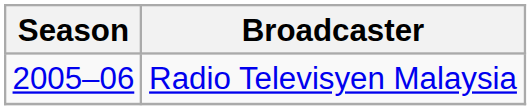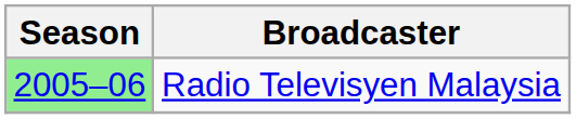 <table class="wikitable" style="font-size: 85%;">
 <tr>
 <th>Season</th>
 <th>Broadcaster</th>
 </tr>
 <tr>
-<td><a href='#'>2005–06</a></td>
+<td style="background: lightgreen;"><a href='#'>2005–06</a></td>
 <td> <a href='#'>Radio Televisyen Malaysia</a></td>
 </tr>
 <tr>
 </tr>
 </table>
